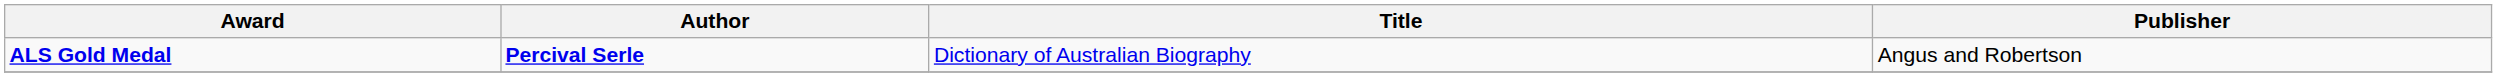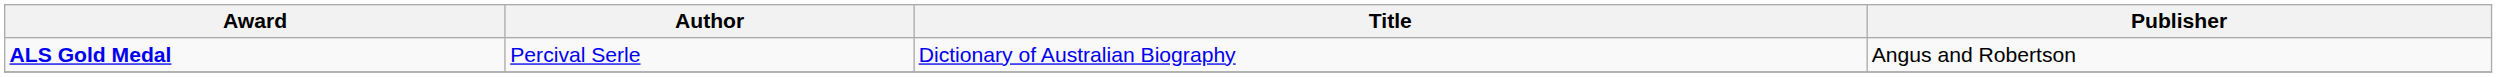 <table class="wikitable" width=95%>
 <tr>
 <th>Award</th>
 <th>Author</th>
 <th>Title</th>
 <th>Publisher</th>
 </tr>
 <tr>
 <td><strong><a href='#'>ALS Gold Medal</a></strong></td>
-<td><strong><a href='#'>Percival Serle</a></strong></td>
+<td><a href='#'>Percival Serle</a></td>
 <td><a href='#'>Dictionary of Australian Biography</a></td>
 <td>Angus and Robertson</td>
 </tr>
 <tr>
 </tr>
 </table>
